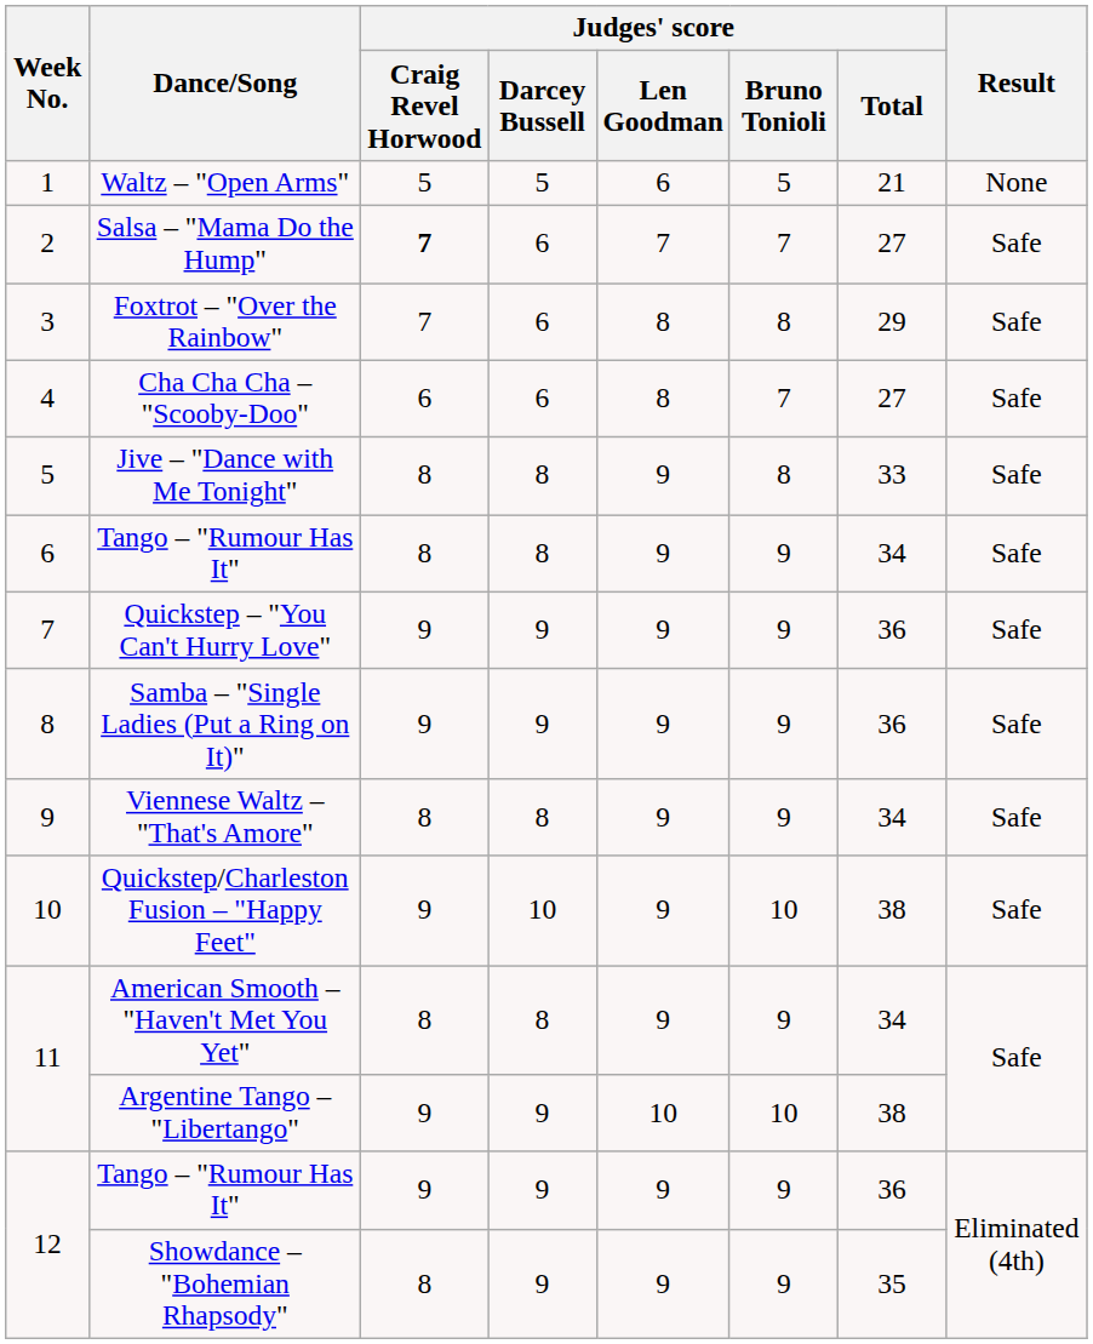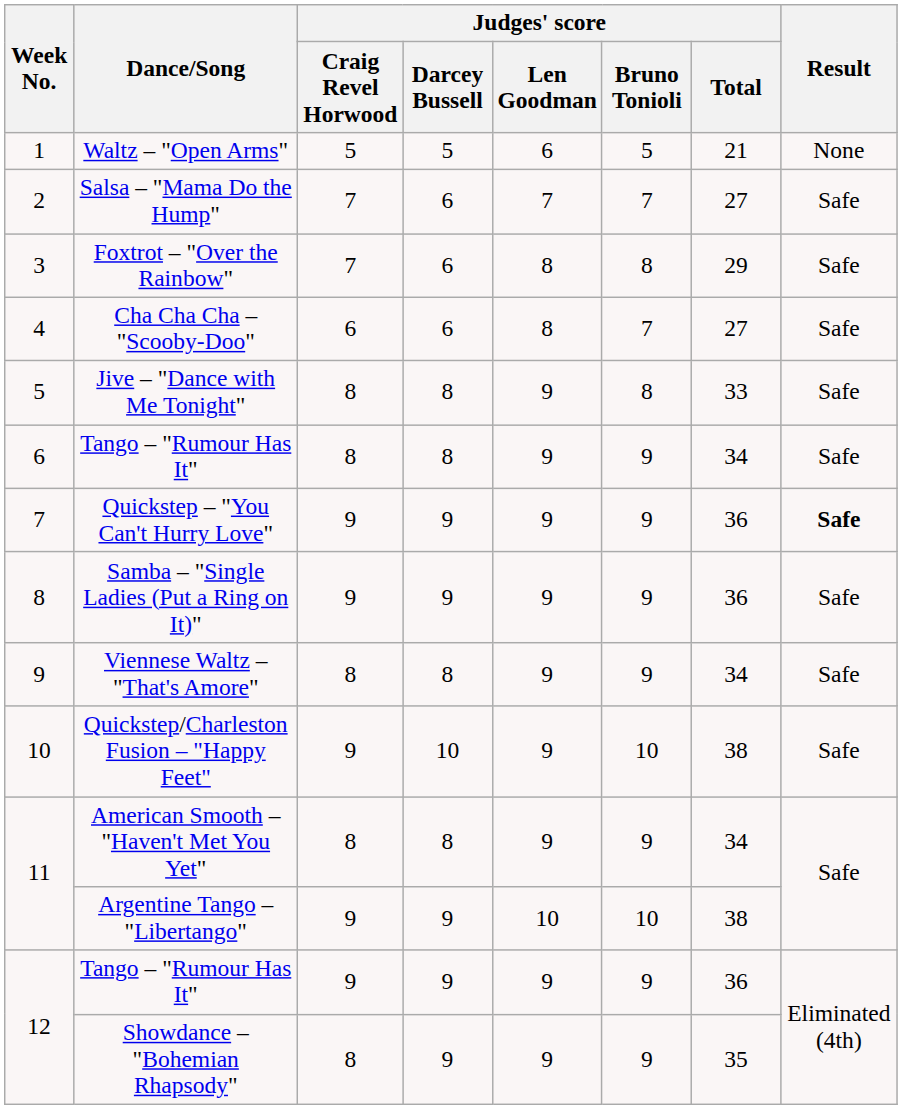 <table class="wikitable">
 <tr>
 <th rowspan="2">Week No.</th>
 <th rowspan="2">Dance/Song</th>
 <th colspan="5">Judges' score</th>
 <th rowspan="2">Result</th>
 </tr>
 <tr>
 <th style="width:10%;">Craig Revel Horwood</th>
 <th style="width:10%;">Darcey Bussell</th>
 <th style="width:10%;">Len Goodman</th>
 <th style="width:10%;">Bruno Tonioli</th>
 <th style="width:10%;">Total</th>
 </tr>
 <tr style="text-align:center; background:#faf6f6;">
 <td>1</td>
 <td><a href='#'>Waltz</a> – "<a href='#'>Open Arms</a>"</td>
 <td>5</td>
 <td>5</td>
 <td>6</td>
 <td>5</td>
 <td>21</td>
 <td>None</td>
 </tr>
 <tr>
 <td style="text-align:center; background:#faf6f6;">2</td>
 <td style="text-align:center; background:#faf6f6;"><a href='#'>Salsa</a> – "<a href='#'>Mama Do the Hump</a>"</td>
-<td style="text-align:center; background:#faf6f6;"><strong>7</strong></td>
+<td style="text-align:center; background:#faf6f6;">7</td>
 <td style="text-align:center; background:#faf6f6;">6</td>
 <td style="text-align:center; background:#faf6f6;">7</td>
 <td style="text-align:center; background:#faf6f6;">7</td>
 <td style="text-align:center; background:#faf6f6;">27</td>
 <td style="text-align:center; background:#faf6f6;">Safe</td>
 </tr>
 <tr style="text-align:center; background:#faf6f6;">
 <td>3</td>
 <td><a href='#'>Foxtrot</a> – "<a href='#'>Over the Rainbow</a>"</td>
 <td>7</td>
 <td>6</td>
 <td>8</td>
 <td>8</td>
 <td>29</td>
 <td>Safe</td>
 </tr>
 <tr>
 <td style="text-align:center; background:#faf6f6;">4</td>
 <td style="text-align:center; background:#faf6f6;"><a href='#'>Cha Cha Cha</a> – "<a href='#'>Scooby-Doo</a>"</td>
 <td style="text-align:center; background:#faf6f6;">6</td>
 <td style="text-align:center; background:#faf6f6;">6</td>
 <td style="text-align:center; background:#faf6f6;">8</td>
 <td style="text-align:center; background:#faf6f6;">7</td>
 <td style="text-align:center; background:#faf6f6;">27</td>
 <td style="text-align:center; background:#faf6f6;">Safe</td>
 </tr>
 <tr>
 <td style="text-align:center; background:#faf6f6;">5</td>
 <td style="text-align:center; background:#faf6f6;"><a href='#'>Jive</a> – "<a href='#'>Dance with Me Tonight</a>"</td>
 <td style="text-align:center; background:#faf6f6;">8</td>
 <td style="text-align:center; background:#faf6f6;">8</td>
 <td style="text-align:center; background:#faf6f6;">9</td>
 <td style="text-align:center; background:#faf6f6;">8</td>
 <td style="text-align:center; background:#faf6f6;">33</td>
 <td style="text-align:center; background:#faf6f6;">Safe</td>
 </tr>
 <tr>
 <td style="text-align:center; background:#faf6f6;">6</td>
 <td style="text-align:center; background:#faf6f6;"><a href='#'>Tango</a> – "<a href='#'>Rumour Has It</a>"</td>
 <td style="text-align:center; background:#faf6f6;">8</td>
 <td style="text-align:center; background:#faf6f6;">8</td>
 <td style="text-align:center; background:#faf6f6;">9</td>
 <td style="text-align:center; background:#faf6f6;">9</td>
 <td style="text-align:center; background:#faf6f6;">34</td>
 <td style="text-align:center; background:#faf6f6;">Safe</td>
 </tr>
 <tr style="text-align:center; background:#faf6f6;">
 <td>7</td>
 <td><a href='#'>Quickstep</a> – "<a href='#'>You Can't Hurry Love</a>"</td>
 <td>9</td>
 <td>9</td>
 <td>9</td>
 <td>9</td>
 <td>36</td>
-<td>Safe</td>
+<td><strong>Safe</strong></td>
 </tr>
 <tr style="text-align:center; background:#faf6f6;">
 <td>8</td>
 <td><a href='#'>Samba</a> – "<a href='#'>Single Ladies (Put a Ring on It)</a>"</td>
 <td>9</td>
 <td>9</td>
 <td>9</td>
 <td>9</td>
 <td>36</td>
 <td>Safe</td>
 </tr>
 <tr style="text-align:center; background:#faf6f6;">
 <td>9</td>
 <td><a href='#'>Viennese Waltz</a> – "<a href='#'>That's Amore</a>"</td>
 <td>8</td>
 <td>8</td>
 <td>9</td>
 <td>9</td>
 <td>34</td>
 <td>Safe</td>
 </tr>
 <tr>
 <td style="text-align:center; background:#faf6f6;">10</td>
 <td style="text-align:center; background:#faf6f6;"><a href='#'>Quickstep</a>/<a href='#'>Charleston</a> <a href='#'>Fusion – "Happy Feet"</a></td>
 <td style="text-align:center; background:#faf6f6;">9</td>
 <td style="text-align:center; background:#faf6f6;">10</td>
 <td style="text-align:center; background:#faf6f6;">9</td>
 <td style="text-align:center; background:#faf6f6;">10</td>
 <td style="text-align:center; background:#faf6f6;">38</td>
 <td style="text-align:center; background:#faf6f6;">Safe</td>
 </tr>
 <tr style="text-align:center; background:#faf6f6;">
 <td rowspan="2">11</td>
 <td><a href='#'>American Smooth</a> – "<a href='#'>Haven't Met You Yet</a>"</td>
 <td>8</td>
 <td>8</td>
 <td>9</td>
 <td>9</td>
 <td>34</td>
 <td rowspan="2">Safe</td>
 </tr>
 <tr style="text-align:center; background:#faf6f6;">
 <td><a href='#'>Argentine Tango</a> – "<a href='#'>Libertango</a>"</td>
 <td>9</td>
 <td>9</td>
 <td>10</td>
 <td>10</td>
 <td>38</td>
 </tr>
 <tr>
 <td rowspan="2" style="text-align:center; background:#faf6f6;">12</td>
 <td style="text-align:center; background:#faf6f6;"><a href='#'>Tango</a> – "<a href='#'>Rumour Has It</a>"</td>
 <td style="text-align:center; background:#faf6f6;">9</td>
 <td style="text-align:center; background:#faf6f6;">9</td>
 <td style="text-align:center; background:#faf6f6;">9</td>
 <td style="text-align:center; background:#faf6f6;">9</td>
 <td style="text-align:center; background:#faf6f6;">36</td>
 <td rowspan="2" style="text-align:center; background:#faf6f6;">Eliminated (4th)</td>
 </tr>
 <tr style="text-align:center; background:#faf6f6;">
 <td><a href='#'>Showdance</a> – "<a href='#'>Bohemian Rhapsody</a>"</td>
 <td>8</td>
 <td>9</td>
 <td>9</td>
 <td>9</td>
 <td>35</td>
 </tr>
 </table>
